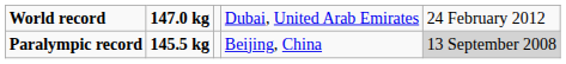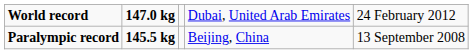 <table class="wikitable">
 <tr>
 <td><strong>World record</strong></td>
 <td><strong>147.0 kg</strong></td>
 <td></td>
 <td><a href='#'>Dubai</a>, <a href='#'>United Arab Emirates</a></td>
 <td>24 February 2012</td>
 </tr>
 <tr>
 <td><strong>Paralympic record</strong></td>
 <td><strong>145.5 kg</strong></td>
 <td></td>
 <td><a href='#'>Beijing</a>, <a href='#'>China</a></td>
-<td style="background: lightgrey;">13 September 2008</td>
+<td>13 September 2008</td>
 </tr>
 </table>
